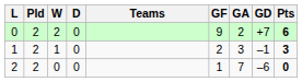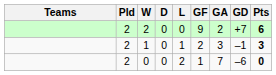 <table class="wikitable" style="text-align: center;">
 <tr>
-<th width=20>L</th>
+<th width=165>Teams</th>
 <th width=20>Pld</th>
 <th width=20>W</th>
 <th width=20>D</th>
-<th width=165>Teams</th>
+<th width=20>L</th>
 <th width=20>GF</th>
 <th width=20>GA</th>
 <th width=20>GD</th>
 <th width=20>Pts</th>
 </tr>
 <tr align=center style="background:#ccffcc;">
-<td>0</td>
+<td style="text-align:left;"></td>
 <td>2</td>
 <td>2</td>
 <td>0</td>
-<td style="text-align:left;"></td>
+<td>0</td>
 <td>9</td>
 <td>2</td>
 <td>+7</td>
 <td><strong>6</strong></td>
 </tr>
 <tr align=center>
-<td>1</td>
+<td style="text-align:left;"></td>
 <td>2</td>
 <td>1</td>
 <td>0</td>
-<td style="text-align:left;"></td>
+<td>1</td>
 <td>2</td>
 <td>3</td>
 <td>–1</td>
 <td><strong>3</strong></td>
 </tr>
 <tr align=center>
-<td>2</td>
+<td style="text-align:left;"></td>
 <td>2</td>
 <td>0</td>
 <td>0</td>
-<td style="text-align:left;"></td>
+<td>2</td>
 <td>1</td>
 <td>7</td>
 <td>–6</td>
 <td><strong>0</strong></td>
 </tr>
 </table>
